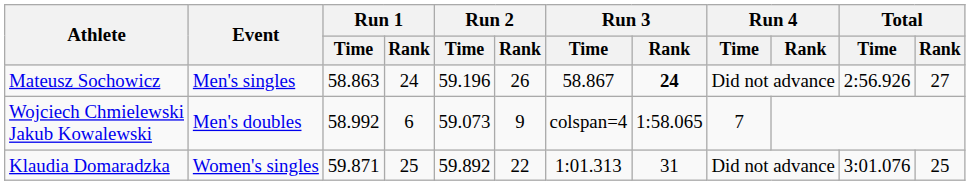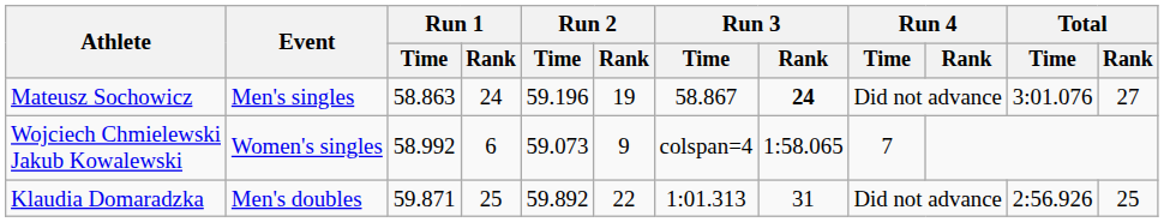 <table class="wikitable" style="font-size:90%; text-align:center">
 <tr>
 <th rowspan=2>Athlete</th>
 <th rowspan=2>Event</th>
 <th colspan=2>Run 1</th>
 <th colspan=2>Run 2</th>
 <th colspan=2>Run 3</th>
 <th colspan=2>Run 4</th>
 <th colspan=2>Total</th>
 </tr>
 <tr style="font-size:95%">
 <th>Time</th>
 <th>Rank</th>
 <th>Time</th>
 <th>Rank</th>
 <th>Time</th>
 <th>Rank</th>
 <th>Time</th>
 <th>Rank</th>
 <th>Time</th>
 <th>Rank</th>
 </tr>
 <tr>
 <td align=left><a href='#'>Mateusz Sochowicz</a></td>
 <td align=left><a href='#'>Men's singles</a></td>
 <td>58.863</td>
 <td>24</td>
 <td>59.196</td>
-<td>26</td>
+<td>19</td>
 <td>58.867</td>
 <td><strong>24</strong></td>
 <td colspan=2>Did not advance</td>
-<td>2:56.926</td>
+<td>3:01.076</td>
 <td>27</td>
 </tr>
 <tr>
 <td align=left><a href='#'>Wojciech Chmielewski</a><br><a href='#'>Jakub Kowalewski</a></td>
-<td align=left><a href='#'>Men's doubles</a></td>
+<td align=left><a href='#'>Women's singles</a></td>
 <td>58.992</td>
 <td>6</td>
 <td>59.073</td>
 <td>9</td>
 <td>colspan=4 </td>
 <td>1:58.065</td>
 <td>7</td>
 </tr>
 <tr>
 <td align=left><a href='#'>Klaudia Domaradzka</a></td>
-<td align=left><a href='#'>Women's singles</a></td>
+<td align=left><a href='#'>Men's doubles</a></td>
 <td>59.871</td>
 <td>25</td>
 <td>59.892</td>
 <td>22</td>
 <td>1:01.313</td>
 <td>31</td>
 <td colspan=2>Did not advance</td>
-<td>3:01.076</td>
+<td>2:56.926</td>
 <td>25</td>
 </tr>
 </table>
